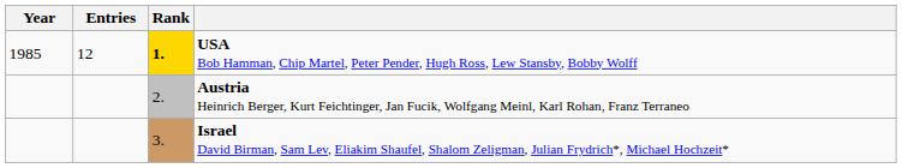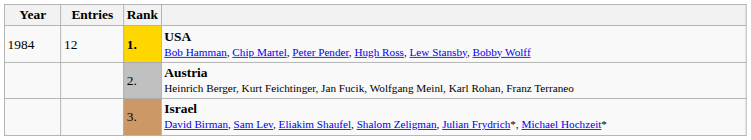 <table class="wikitable" style="width:100%;">
 <tr>
 <th>Year</th>
 <th>Entries</th>
 <th>Rank</th>
 <th></th>
 </tr>
 <tr>
-<td width = 60>1985</td>
+<td width = 60>1984</td>
 <td>12</td>
 <td style="background:gold; width:30px;"><strong>1.</strong></td>
 <td> <strong>USA</strong><br><small><a href='#'>Bob Hamman</a>, <a href='#'>Chip Martel</a>, <a href='#'>Peter Pender</a>, <a href='#'>Hugh Ross</a>, <a href='#'>Lew Stansby</a>, <a href='#'>Bobby Wolff</a></small></td>
 </tr>
 <tr>
 <td></td>
 <td></td>
 <td style="background:silver;">2.</td>
 <td> <strong>Austria</strong><br><small>Heinrich Berger, Kurt Feichtinger, Jan Fucik, Wolfgang Meinl, Karl Rohan, Franz Terraneo</small></td>
 </tr>
 <tr>
 <td></td>
 <td></td>
 <td style="background:#c96;">3.</td>
 <td> <strong>Israel</strong><br><small><a href='#'>David Birman</a>, <a href='#'>Sam Lev</a>, <a href='#'>Eliakim Shaufel</a>, <a href='#'>Shalom Zeligman</a>, <a href='#'>Julian Frydrich</a>*, <a href='#'>Michael Hochzeit</a>*</small></td>
 </tr>
 </table>
